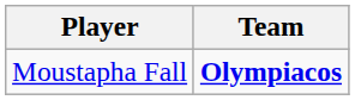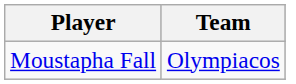 <table class="wikitable">
 <tr>
 <th>Player</th>
 <th>Team</th>
 </tr>
 <tr>
 <td> <a href='#'>Moustapha Fall</a></td>
-<td><strong><a href='#'>Olympiacos</a></strong></td>
+<td><a href='#'>Olympiacos</a></td>
 </tr>
 </table>
